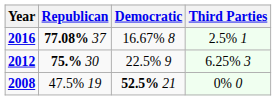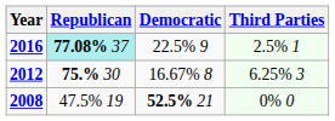 <table class="wikitable" style="float:right; font-size:95%;">
 <tr bgcolor=lightgrey>
 <th>Year</th>
 <th><a href='#'>Republican</a></th>
 <th><a href='#'>Democratic</a></th>
 <th><a href='#'>Third Parties</a></th>
 </tr>
 <tr>
 <td style="text-align:center; "><strong><a href='#'>2016</a></strong></td>
-<td style="text-align:center; "><strong>77.08%</strong> <em>37</em></td>
-<td style="text-align:center; ">16.67% <em>8</em></td>
+<td style="background: paleturquoise; text-align:center; "><strong>77.08%</strong> <em>37</em></td>
+<td style="text-align:center; ">22.5% <em>9</em></td>
 <td style="text-align:center; background:honeyDew;">2.5% <em>1</em></td>
 </tr>
 <tr>
 <td style="text-align:center; "><strong><a href='#'>2012</a></strong></td>
 <td style="text-align:center; "><strong>75.%</strong> <em>30</em></td>
-<td style="text-align:center; ">22.5% <em>9</em></td>
+<td style="text-align:center; ">16.67% <em>8</em></td>
 <td style="text-align:center; background:honeyDew;">6.25% <em>3</em></td>
 </tr>
 <tr>
 <td style="text-align:center; "><strong><a href='#'>2008</a></strong></td>
 <td style="text-align:center; ">47.5% <em>19</em></td>
 <td style="text-align:center; "><strong>52.5%</strong> <em>21</em></td>
 <td style="text-align:center; background:honeyDew;">0% <em>0</em></td>
 </tr>
 </table>
